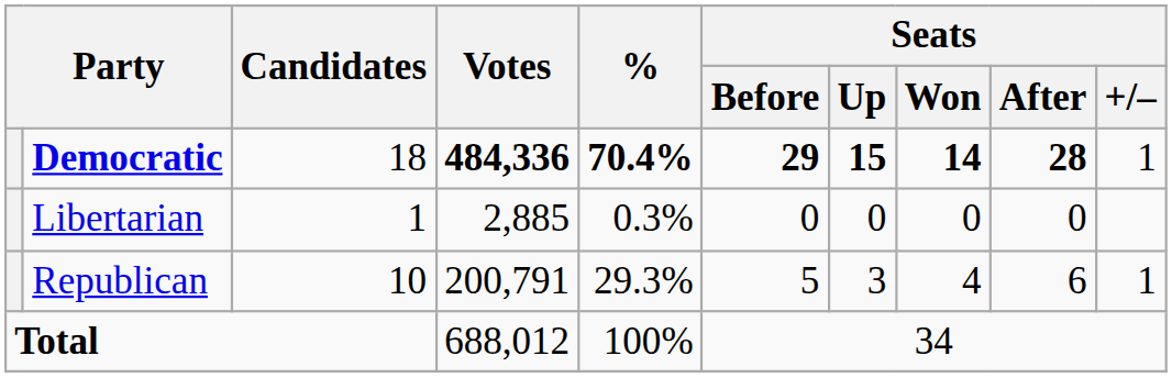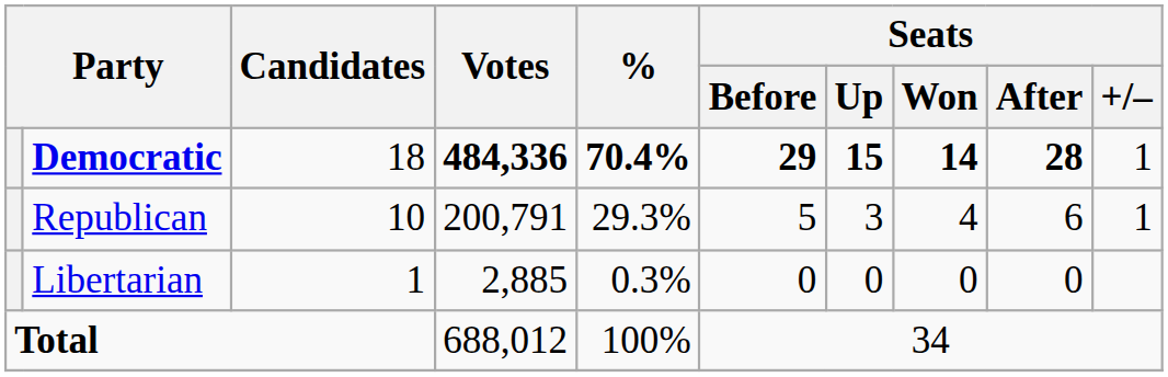 <table class="wikitable">
 <tr>
 <th rowspan="2" colspan="2">Party</th>
 <th rowspan="2">Candidates</th>
 <th rowspan="2">Votes</th>
 <th rowspan="2">%</th>
 <th colspan="5">Seats</th>
 </tr>
 <tr>
 <th>Before</th>
 <th>Up</th>
 <th>Won</th>
 <th>After</th>
 <th>+/–</th>
 </tr>
 <tr>
 <th style="background-color:"></th>
 <td><strong><a href='#'>Democratic</a></strong></td>
 <td align="right">18</td>
 <td align="right"><strong>484,336</strong></td>
 <td align="right"><strong>70.4%</strong></td>
 <td align="right"><strong>29</strong></td>
 <td align="right"><strong>15</strong></td>
 <td align="right"><strong>14</strong></td>
 <td align="right"><strong>28</strong></td>
 <td align="right"> 1</td>
 </tr>
 <tr>
 <th style="background-color:"></th>
+<td><a href='#'>Republican</a></td>
+<td align="right">10</td>
+<td align="right">200,791</td>
+<td align="right">29.3%</td>
+<td align="right">5</td>
+<td align="right">3</td>
+<td align="right">4</td>
+<td align="right">6</td>
+<td align="right"> 1</td>
+</tr>
+<tr>
+<th style="background-color:"></th>
 <td><a href='#'>Libertarian</a></td>
 <td align="right">1</td>
 <td align="right">2,885</td>
 <td align="right">0.3%</td>
 <td align="right">0</td>
 <td align="right">0</td>
 <td align="right">0</td>
 <td align="right">0</td>
 <td align="right"></td>
 </tr>
 <tr>
-<th style="background-color:"></th>
-<td><a href='#'>Republican</a></td>
-<td align="right">10</td>
-<td align="right">200,791</td>
-<td align="right">29.3%</td>
-<td align="right">5</td>
-<td align="right">3</td>
-<td align="right">4</td>
-<td align="right">6</td>
-<td align="right"> 1</td>
-</tr>
-<tr>
 <td colspan="3"><strong>Total</strong></td>
 <td align="right">688,012</td>
 <td align="right">100%</td>
 <td colspan="5" align="center">34</td>
 </tr>
 <tr>
 </tr>
 </table>
